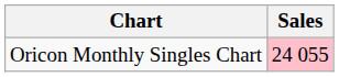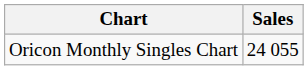 <table class="wikitable">
 <tr>
 <th>Chart</th>
 <th>Sales</th>
 </tr>
 <tr>
 <td>Oricon Monthly Singles Chart</td>
-<td align="center" style="background: pink;">24 055</td>
+<td align="center">24 055</td>
 </tr>
 </table>
